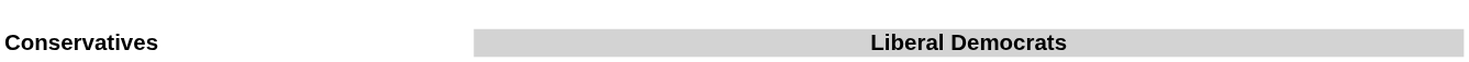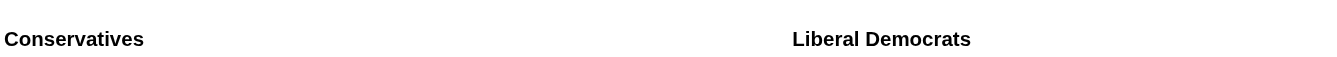 <table style="width:100%; text-align:center;">
 <tr style="color:white;">
 <td style="background:"><strong>46</strong></td>
 <td style="background:"><strong>11</strong></td>
 </tr>
 <tr>
 <td><span><strong>Conservatives</strong></span></td>
-<td style="background: lightgrey;"><span><strong>Liberal Democrats</strong></span></td>
+<td><span><strong>Liberal Democrats</strong></span></td>
 </tr>
 </table>
